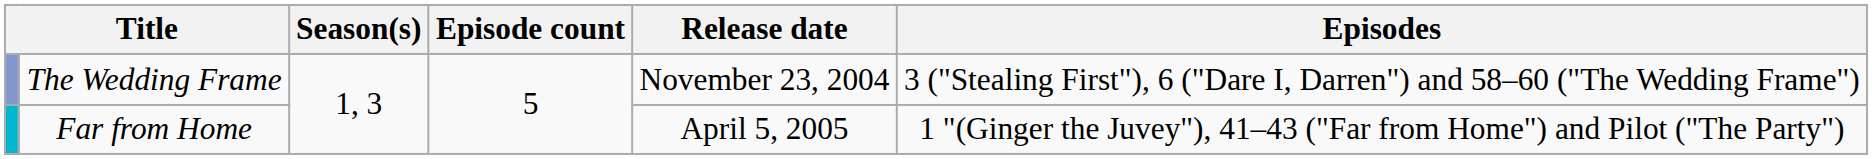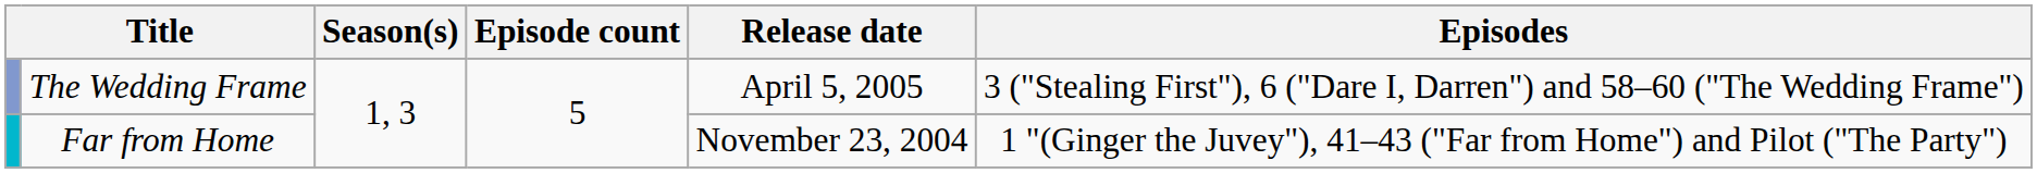 <table class="wikitable" style="text-align: center;">
 <tr>
 <th colspan=2>Title</th>
 <th>Season(s)</th>
 <th>Episode count</th>
 <th>Release date</th>
 <th>Episodes</th>
 </tr>
 <tr>
 <td style="background:#8198ce"></td>
 <td><em>The Wedding Frame</em></td>
 <td rowspan=2>1, 3</td>
 <td rowspan=2>5</td>
-<td>November 23, 2004</td>
+<td>April 5, 2005</td>
 <td>3 ("Stealing First"), 6 ("Dare I, Darren") and 58–60 ("The Wedding Frame")</td>
 </tr>
 <tr>
 <td style="background:#01b7cd"></td>
 <td><em>Far from Home</em></td>
-<td>April 5, 2005</td>
+<td>November 23, 2004</td>
 <td>1 "(Ginger the Juvey"), 41–43 ("Far from Home") and Pilot ("The Party")</td>
 </tr>
 </table>
